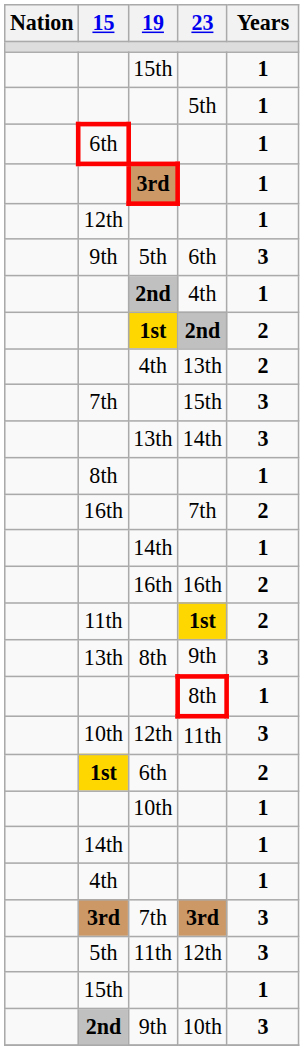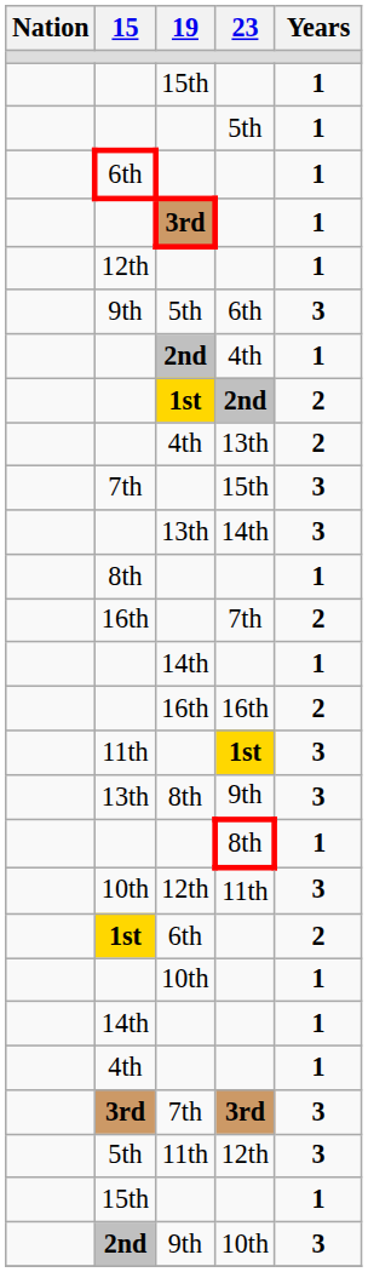 <table class="wikitable sortable" style="text-align:center; font-size:90%">
 <tr>
 <th>Nation</th>
 <th width=20><a href='#'>15</a></th>
 <th width=20><a href='#'>19</a></th>
 <th width=20><a href='#'>23</a></th>
 <th width=40>Years</th>
 </tr>
 <tr bgcolor=#DDDDDD>
 <td colspan=5></td>
 </tr>
 <tr>
 <td align="left"></td>
 <td></td>
 <td>15th</td>
 <td></td>
 <td><strong>1</strong></td>
 </tr>
 <tr>
 <td align="left"></td>
 <td></td>
 <td></td>
 <td>5th</td>
 <td><strong>1</strong></td>
 </tr>
 <tr>
 <td align="left"></td>
 <td style="border: 3px solid red">6th</td>
 <td></td>
 <td></td>
 <td><strong>1</strong></td>
 </tr>
 <tr>
 <td align="left"></td>
 <td></td>
 <td style="border: 3px solid red" bgcolor="#CC9966"><strong>3rd</strong></td>
 <td></td>
 <td><strong>1</strong></td>
 </tr>
 <tr>
 <td align="left"></td>
 <td>12th</td>
 <td></td>
 <td></td>
 <td><strong>1</strong></td>
 </tr>
 <tr>
 <td align="left"></td>
 <td>9th</td>
 <td>5th</td>
 <td>6th</td>
 <td><strong>3</strong></td>
 </tr>
 <tr>
 <td align="left"></td>
 <td></td>
 <td bgcolor="silver"><strong>2nd</strong></td>
 <td>4th</td>
 <td><strong>1</strong></td>
 </tr>
 <tr>
 <td align="left"></td>
 <td></td>
 <td bgcolor="gold"><strong>1st</strong></td>
 <td bgcolor="silver"><strong>2nd</strong></td>
 <td><strong>2</strong></td>
 </tr>
 <tr>
 <td align="left"></td>
 <td></td>
 <td>4th</td>
 <td>13th</td>
 <td><strong>2</strong></td>
 </tr>
 <tr>
 <td align="left"></td>
 <td>7th</td>
 <td></td>
 <td>15th</td>
 <td><strong>3</strong></td>
 </tr>
 <tr>
 <td align="left"></td>
 <td></td>
 <td>13th</td>
 <td>14th</td>
 <td><strong>3</strong></td>
 </tr>
 <tr>
 <td align="left"></td>
 <td>8th</td>
 <td></td>
 <td></td>
 <td><strong>1</strong></td>
 </tr>
 <tr>
 <td align="left"></td>
 <td>16th</td>
 <td></td>
 <td>7th</td>
 <td><strong>2</strong></td>
 </tr>
 <tr>
 <td align="left"></td>
 <td></td>
 <td>14th</td>
 <td></td>
 <td><strong>1</strong></td>
 </tr>
 <tr>
 <td align="left"></td>
 <td></td>
 <td>16th</td>
 <td>16th</td>
 <td><strong>2</strong></td>
 </tr>
 <tr>
 <td align="left"></td>
 <td>11th</td>
 <td></td>
 <td bgcolor="gold"><strong>1st</strong></td>
-<td><strong>2</strong></td>
+<td><strong>3</strong></td>
 </tr>
 <tr>
 <td align="left"></td>
 <td>13th</td>
 <td>8th</td>
 <td>9th</td>
 <td><strong>3</strong></td>
 </tr>
 <tr>
 <td align="left"></td>
 <td></td>
 <td></td>
 <td style="border: 3px solid red">8th</td>
 <td><strong>1</strong></td>
 </tr>
 <tr>
 <td align="left"></td>
 <td>10th</td>
 <td>12th</td>
 <td>11th</td>
 <td><strong>3</strong></td>
 </tr>
 <tr>
 <td align="left"></td>
 <td bgcolor="gold"><strong>1st</strong></td>
 <td>6th</td>
 <td></td>
 <td><strong>2</strong></td>
 </tr>
 <tr>
 <td align="left"></td>
 <td></td>
 <td>10th</td>
 <td></td>
 <td><strong>1</strong></td>
 </tr>
 <tr>
 <td align="left"></td>
 <td>14th</td>
 <td></td>
 <td></td>
 <td><strong>1</strong></td>
 </tr>
 <tr>
 <td align="left"></td>
 <td>4th</td>
 <td></td>
 <td></td>
 <td><strong>1</strong></td>
 </tr>
 <tr>
 <td align="left"></td>
 <td bgcolor="#CC9966"><strong>3rd</strong></td>
 <td>7th</td>
 <td bgcolor="#CC9966"><strong>3rd</strong></td>
 <td><strong>3</strong></td>
 </tr>
 <tr>
 <td align="left"></td>
 <td>5th</td>
 <td>11th</td>
 <td>12th</td>
 <td><strong>3</strong></td>
 </tr>
 <tr>
 <td align="left"></td>
 <td>15th</td>
 <td></td>
 <td></td>
 <td><strong>1</strong></td>
 </tr>
 <tr>
 <td align="left"></td>
 <td bgcolor="silver"><strong>2nd</strong></td>
 <td>9th</td>
 <td>10th</td>
 <td><strong>3</strong></td>
 </tr>
 <tr>
 </tr>
 </table>
